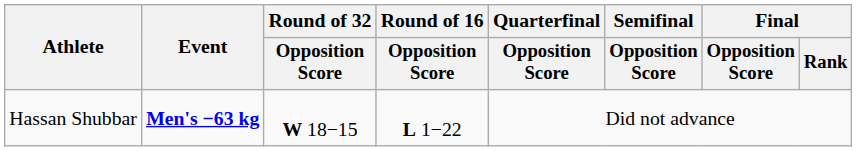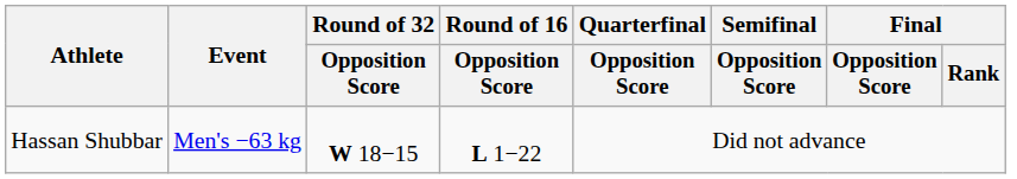 <table class=wikitable style=font-size:90%;text-align:center>
 <tr>
 <th rowspan=2>Athlete</th>
 <th rowspan=2>Event</th>
 <th>Round of 32</th>
 <th>Round of 16</th>
 <th>Quarterfinal</th>
 <th>Semifinal</th>
 <th colspan=2>Final</th>
 </tr>
 <tr style=font-size:95%>
 <th>Opposition<br>Score</th>
 <th>Opposition<br>Score</th>
 <th>Opposition<br>Score</th>
 <th>Opposition<br>Score</th>
 <th>Opposition<br>Score</th>
 <th>Rank</th>
 </tr>
 <tr>
 <td align=left>Hassan Shubbar</td>
-<td align=left><strong><a href='#'>Men's −63 kg</a></strong></td>
+<td align=left><a href='#'>Men's −63 kg</a></td>
 <td><br><strong>W</strong> 18−15</td>
 <td><br><strong>L</strong> 1−22</td>
 <td colspan=4>Did not advance</td>
 </tr>
 </table>
